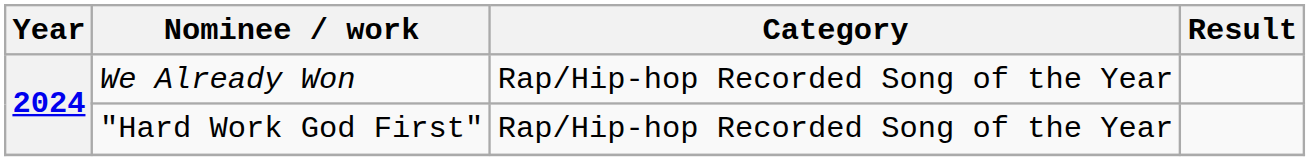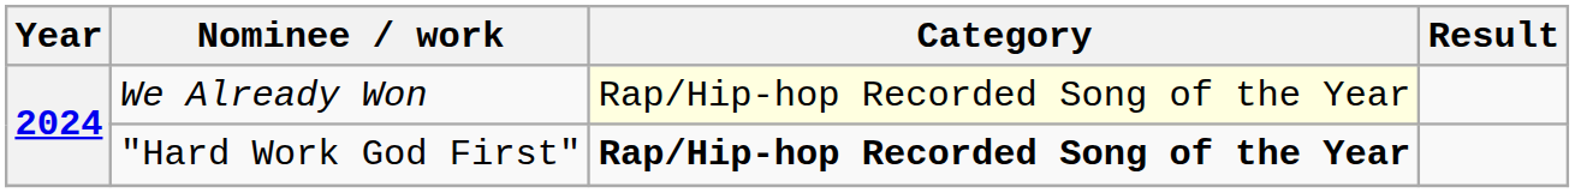 <table class="wikitable plainrowheaders">
 <tr>
 <th>Year</th>
 <th>Nominee / work</th>
 <th>Category</th>
 <th>Result</th>
 </tr>
 <tr>
 <th rowspan="2"><a href='#'>2024</a></th>
 <td><em>We Already Won</em></td>
-<td Rap/Hip-hop Album of the Year>Rap/Hip-hop Recorded Song of the Year</td>
+<td Rap/Hip-hop Album of the Year style="background: lightyellow;">Rap/Hip-hop Recorded Song of the Year</td>
 <td></td>
 </tr>
 <tr>
 <td>"Hard Work God First"</td>
-<td>Rap/Hip-hop Recorded Song of the Year</td>
+<td><strong>Rap/Hip-hop Recorded Song of the Year</strong></td>
 <td></td>
 </tr>
 <tr>
 </tr>
 </table>
